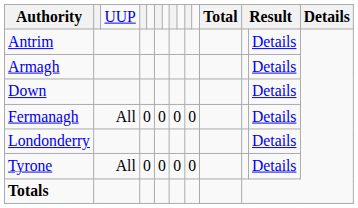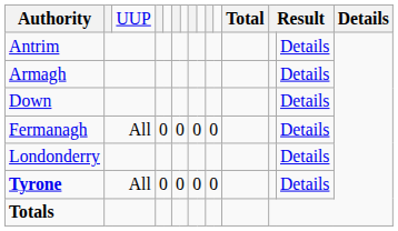 <table class="wikitable" style="text-align:right; padding-left:1em">
 <tr>
 <th align="left">Authority</th>
 <th style="background-color: "></th>
 <td><a href='#'>UUP</a></td>
 <th style="background-color: "></th>
 <td><a href='#'></a></td>
 <th style="background-color: "></th>
 <td><a href='#'></a></td>
 <th style="background-color: "></th>
 <td><a href='#'></a></td>
 <th style="background-color: "></th>
 <td><a href='#'></a></td>
 <th align="left">Total</th>
 <th colspan=2>Result</th>
 <th>Details</th>
 </tr>
 <tr>
 <td align=left><a href='#'>Antrim</a></td>
 <td colspan=2></td>
 <td colspan=2></td>
 <td colspan=2></td>
 <td colspan=2></td>
 <td colspan=2></td>
 <td></td>
 <td></td>
 <td><a href='#'>Details</a></td>
 </tr>
 <tr>
 <td align=left><a href='#'>Armagh</a></td>
 <td colspan=2></td>
 <td colspan=2></td>
 <td colspan=2></td>
 <td colspan=2></td>
 <td colspan=2></td>
 <td></td>
 <td></td>
 <td><a href='#'>Details</a></td>
 </tr>
 <tr>
 <td align=left><a href='#'>Down</a></td>
 <td colspan=2></td>
 <td colspan=2></td>
 <td colspan=2></td>
 <td colspan=2></td>
 <td colspan=2></td>
 <td></td>
 <td></td>
 <td><a href='#'>Details</a></td>
 </tr>
 <tr>
 <td align=left><a href='#'>Fermanagh</a></td>
 <td colspan=2>All</td>
 <td colspan=2>0</td>
 <td colspan=2>0</td>
 <td colspan=2>0</td>
 <td colspan=2>0</td>
 <td></td>
 <td></td>
 <td><a href='#'>Details</a></td>
 </tr>
 <tr>
 <td align=left><a href='#'>Londonderry</a></td>
 <td colspan=2></td>
 <td colspan=2></td>
 <td colspan=2></td>
 <td colspan=2></td>
 <td colspan=2></td>
 <td></td>
 <td></td>
 <td><a href='#'>Details</a></td>
 </tr>
 <tr>
-<td align=left><a href='#'>Tyrone</a></td>
+<td align=left><strong><a href='#'>Tyrone</a></strong></td>
 <td colspan=2>All</td>
 <td colspan=2>0</td>
 <td colspan=2>0</td>
 <td colspan=2>0</td>
 <td colspan=2>0</td>
 <td></td>
 <td></td>
 <td><a href='#'>Details</a></td>
 </tr>
 <tr>
 <td align=left><strong>Totals</strong></td>
 <td colspan=2></td>
 <td colspan=2></td>
 <td colspan=2></td>
 <td colspan=2></td>
 <td colspan=2></td>
 <td></td>
 </tr>
 </table>
